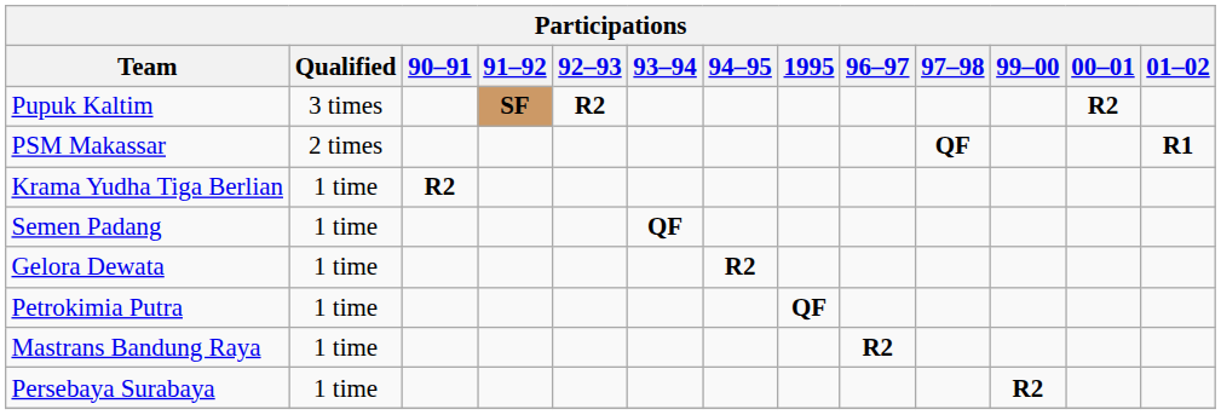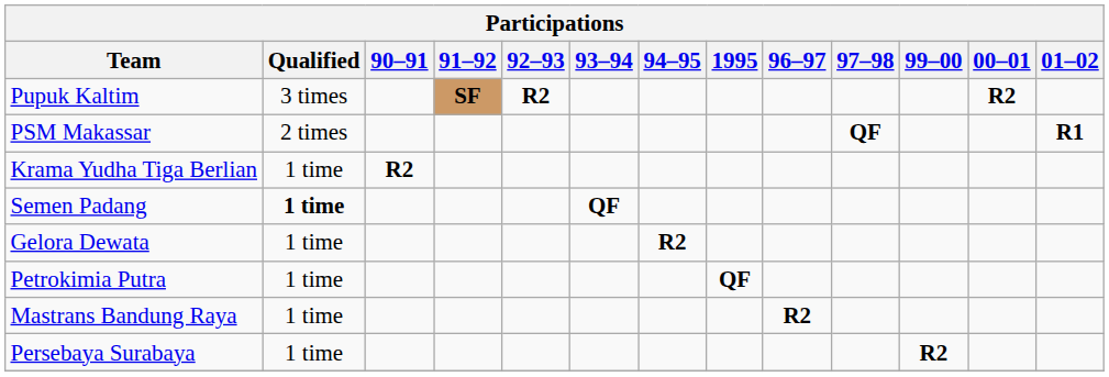 <table class="wikitable">
 <tr>
 <th colspan=15>Participations</th>
 </tr>
 <tr>
 <th>Team</th>
 <th>Qualified</th>
 <th><a href='#'>90–91</a></th>
 <th><a href='#'>91–92</a></th>
 <th><a href='#'>92–93</a></th>
 <th><a href='#'>93–94</a></th>
 <th><a href='#'>94–95</a></th>
 <th><a href='#'>1995</a></th>
 <th><a href='#'>96–97</a></th>
 <th><a href='#'>97–98</a></th>
 <th><a href='#'>99–00</a></th>
 <th><a href='#'>00–01</a></th>
 <th><a href='#'>01–02</a></th>
 </tr>
 <tr align=center>
 <td align=left><a href='#'>Pupuk Kaltim</a></td>
 <td>3 times</td>
 <td></td>
 <td style="background:#c96;"><strong>SF</strong></td>
 <td><strong>R2</strong></td>
 <td></td>
 <td></td>
 <td></td>
 <td></td>
 <td></td>
 <td></td>
 <td><strong>R2</strong></td>
 <td></td>
 </tr>
 <tr align=center>
 <td align=left><a href='#'>PSM Makassar</a></td>
 <td>2 times</td>
 <td></td>
 <td></td>
 <td></td>
 <td></td>
 <td></td>
 <td></td>
 <td></td>
 <td><strong>QF</strong></td>
 <td></td>
 <td></td>
 <td><strong>R1</strong></td>
 </tr>
 <tr align=center>
 <td align=left><a href='#'>Krama Yudha Tiga Berlian</a></td>
 <td>1 time</td>
 <td><strong>R2</strong></td>
 <td></td>
 <td></td>
 <td></td>
 <td></td>
 <td></td>
 <td></td>
 <td></td>
 <td></td>
 <td></td>
 <td></td>
 </tr>
 <tr align=center>
 <td align=left><a href='#'>Semen Padang</a></td>
-<td>1 time</td>
+<td><strong>1 time</strong></td>
 <td></td>
 <td></td>
 <td></td>
 <td><strong>QF</strong></td>
 <td></td>
 <td></td>
 <td></td>
 <td></td>
 <td></td>
 <td></td>
 <td></td>
 </tr>
 <tr align=center>
 <td align=left><a href='#'>Gelora Dewata</a></td>
 <td>1 time</td>
 <td></td>
 <td></td>
 <td></td>
 <td></td>
 <td><strong>R2</strong></td>
 <td></td>
 <td></td>
 <td></td>
 <td></td>
 <td></td>
 <td></td>
 </tr>
 <tr align=center>
 <td align=left><a href='#'>Petrokimia Putra</a></td>
 <td>1 time</td>
 <td></td>
 <td></td>
 <td></td>
 <td></td>
 <td></td>
 <td><strong>QF</strong></td>
 <td></td>
 <td></td>
 <td></td>
 <td></td>
 <td></td>
 </tr>
 <tr align=center>
 <td align=left><a href='#'>Mastrans Bandung Raya</a></td>
 <td>1 time</td>
 <td></td>
 <td></td>
 <td></td>
 <td></td>
 <td></td>
 <td></td>
 <td><strong>R2</strong></td>
 <td></td>
 <td></td>
 <td></td>
 <td></td>
 </tr>
 <tr align=center>
 <td align=left><a href='#'>Persebaya Surabaya</a></td>
 <td>1 time</td>
 <td></td>
 <td></td>
 <td></td>
 <td></td>
 <td></td>
 <td></td>
 <td></td>
 <td></td>
 <td><strong>R2</strong></td>
 <td></td>
 <td></td>
 </tr>
 <tr>
 </tr>
 </table>
